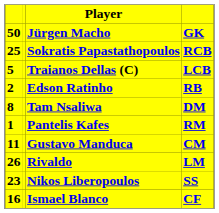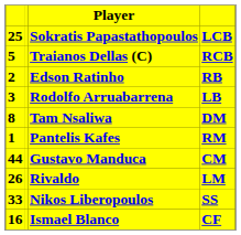 <table class="toccolours" border="0" cellpadding="2" cellspacing="0" align="center" style="margin: 0.5em 0 1em 1em; background: #000000; border: 1px #aaaaaa solid;">
 <tr bgcolor=#FFFF00>
 <th></th>
 <th></th>
 <th>Player</th>
 <th></th>
 </tr>
 <tr bgcolor=#FFFF00>
-<td><strong>50</strong></td>
-<td></td>
-<td><a href='#'><span><strong>Jürgen Macho</strong></span></a></td>
-<td><a href='#'><strong>GK</strong></a></td>
-</tr>
-<tr bgcolor=#FFFF00>
 <td><strong>25</strong></td>
 <td></td>
 <td><a href='#'><span><strong>Sokratis Papastathopoulos</strong></span></a></td>
-<td><a href='#'><strong>RCB</strong></a></td>
+<td><a href='#'><strong>LCB</strong></a></td>
 </tr>
 <tr bgcolor=#FFFF00>
 <td><strong>5</strong></td>
 <td></td>
 <td><a href='#'><span><strong>Traianos Dellas</strong></span></a> <strong>(C)</strong></td>
-<td><a href='#'><strong>LCB</strong></a></td>
+<td><a href='#'><strong>RCB</strong></a></td>
 </tr>
 <tr bgcolor=#FFFF00>
 <td><strong>2</strong></td>
 <td></td>
 <td><a href='#'><span><strong>Edson Ratinho</strong></span></a></td>
 <td><a href='#'><strong>RB</strong></a></td>
+</tr>
+<tr bgcolor=#FFFF00>
+<td><strong>3</strong></td>
+<td></td>
+<td><a href='#'><span><strong>Rodolfo Arruabarrena</strong></span></a></td>
+<td><a href='#'><strong>LB</strong></a></td>
 </tr>
 <tr bgcolor=#FFFF00>
 <td><strong>8</strong></td>
 <td></td>
 <td><a href='#'><span><strong>Tam Nsaliwa</strong></span></a></td>
 <td><a href='#'><strong>DM</strong></a></td>
 </tr>
 <tr bgcolor=#FFFF00>
 <td><strong>1</strong></td>
 <td></td>
 <td><a href='#'><span><strong>Pantelis Kafes</strong></span></a></td>
 <td><a href='#'><strong>RM</strong></a></td>
 </tr>
 <tr bgcolor=#FFFF00>
-<td><strong>11</strong></td>
+<td><strong>44</strong></td>
 <td></td>
 <td><a href='#'><span><strong>Gustavo Manduca</strong></span></a></td>
 <td><a href='#'><strong>CM</strong></a></td>
 </tr>
 <tr bgcolor=#FFFF00>
 <td><strong>26</strong></td>
 <td></td>
 <td><a href='#'><span><strong>Rivaldo</strong></span></a></td>
 <td><a href='#'><strong>LM</strong></a></td>
 </tr>
 <tr bgcolor=#FFFF00>
-<td><strong>23</strong></td>
+<td><strong>33</strong></td>
 <td></td>
 <td><a href='#'><span><strong>Nikos Liberopoulos</strong></span></a></td>
 <td><a href='#'><strong>SS</strong></a></td>
 </tr>
 <tr bgcolor=#FFFF00>
 <td><strong>16</strong></td>
 <td></td>
 <td><a href='#'><span><strong>Ismael Blanco</strong></span></a></td>
 <td><a href='#'><strong>CF</strong></a></td>
 </tr>
 </table>
